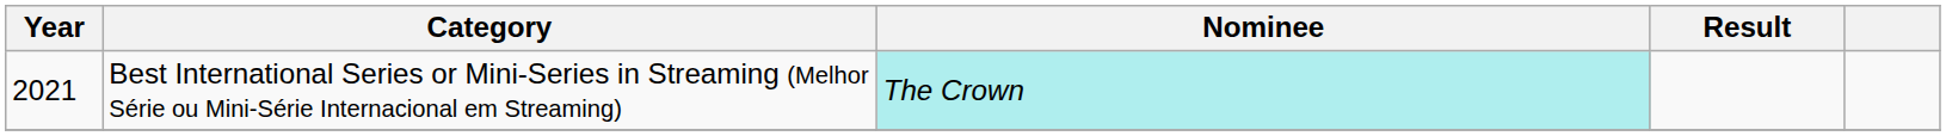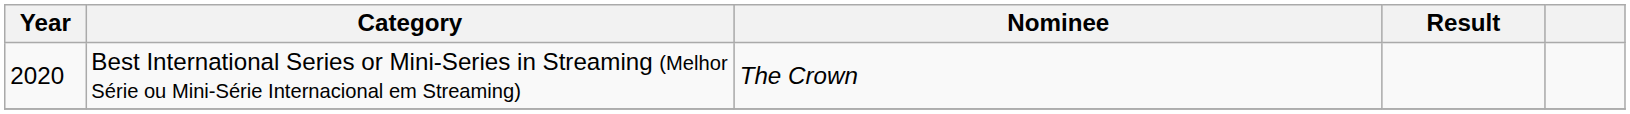 <table class="wikitable" style="width:85%;">
 <tr>
 <th width=5%>Year</th>
 <th style="width:40%;">Category</th>
 <th style="width:40%;">Nominee</th>
 <th style="width:10%;">Result</th>
 <th width=5%></th>
 </tr>
 <tr>
-<td vstyle="text-align: center;" rowspan="1">2021</td>
+<td vstyle="text-align: center;" rowspan="1">2020</td>
 <td>Best International Series or Mini-Series in Streaming <small>(Melhor Série ou Mini-Série Internacional em Streaming)</small></td>
-<td style="background: paleturquoise;"><em>The Crown</em></td>
+<td><em>The Crown</em></td>
 <td></td>
 <td rowspan="1"></td>
 </tr>
 <tr>
 </tr>
 </table>
